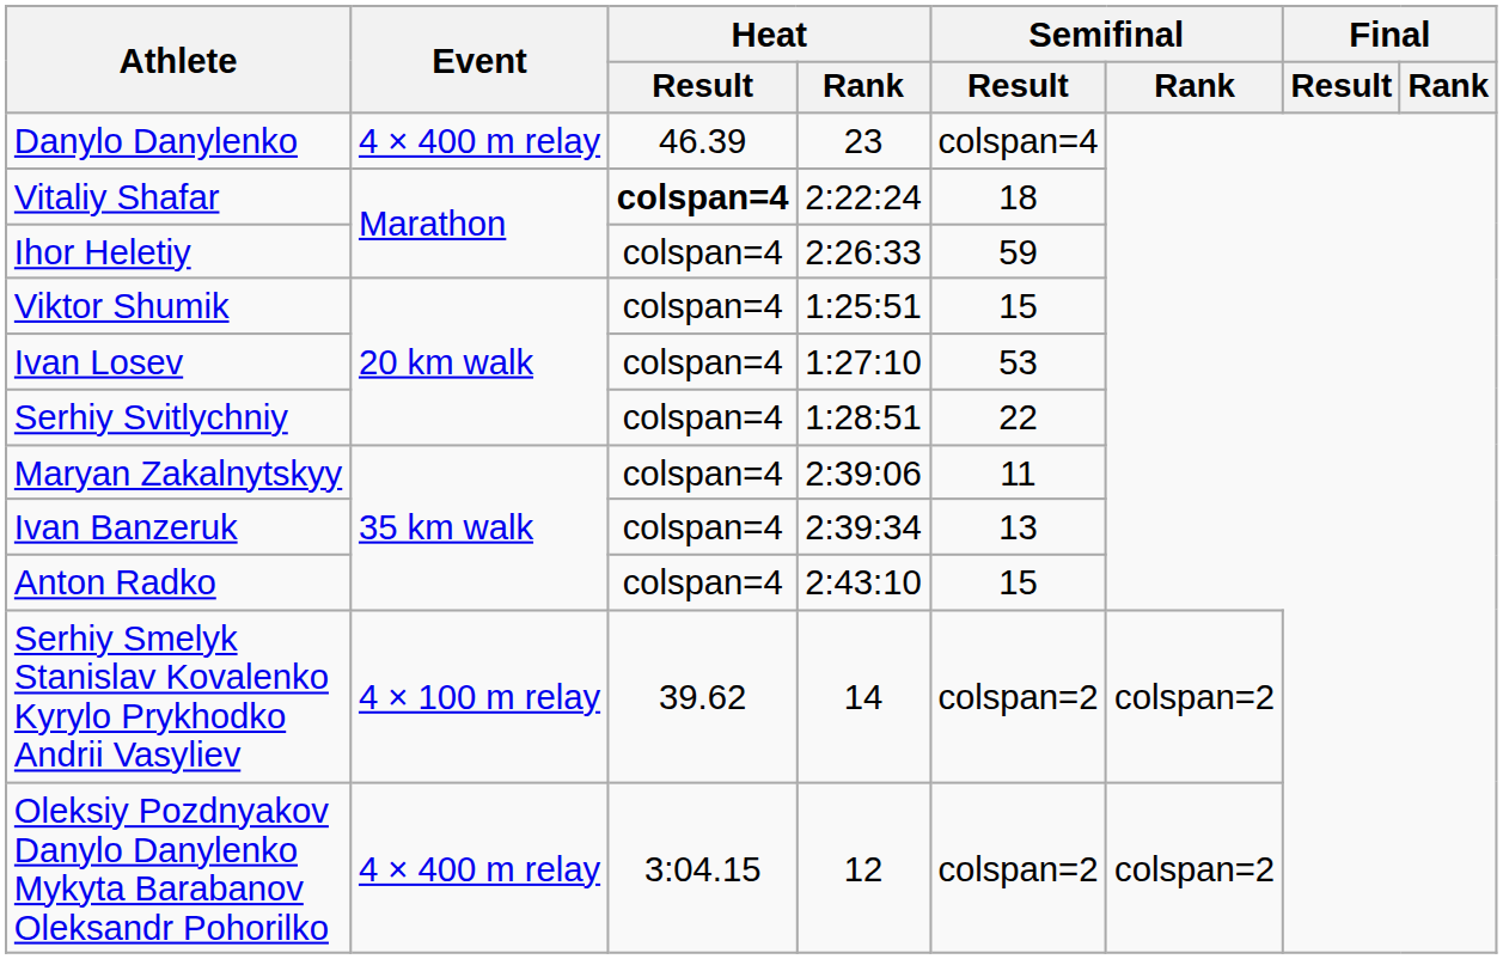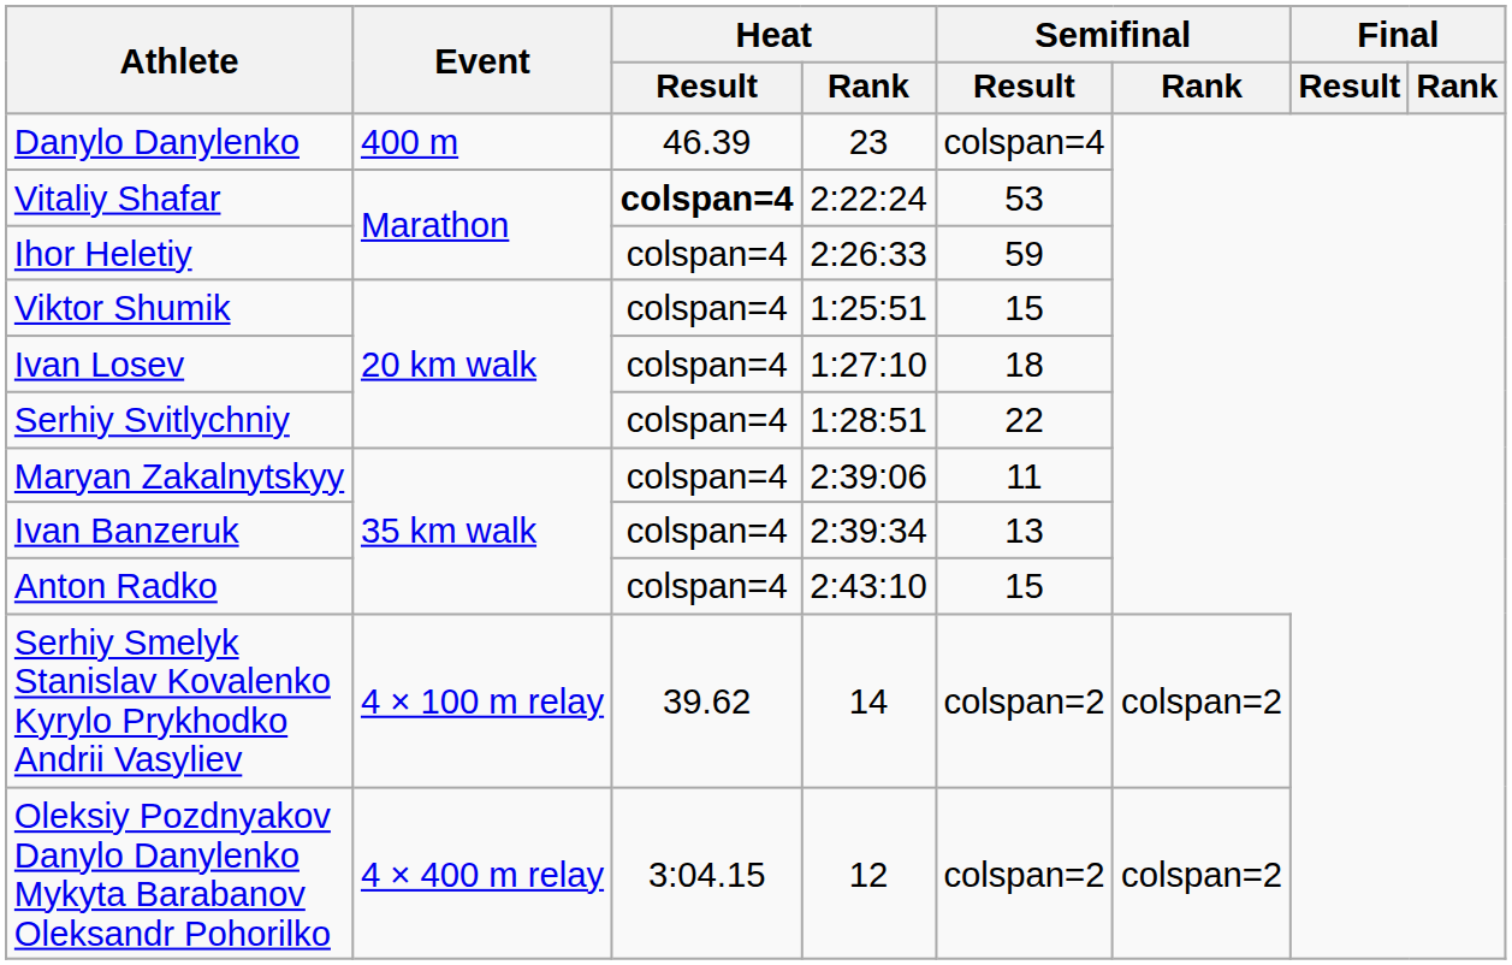 <table class="wikitable" style="font-size:90%">
 <tr>
 <th rowspan="2">Athlete</th>
 <th rowspan="2">Event</th>
 <th colspan="2">Heat</th>
 <th colspan="2">Semifinal</th>
 <th colspan="2">Final</th>
 </tr>
 <tr style="font-size:95%">
 <th>Result</th>
 <th>Rank</th>
 <th>Result</th>
 <th>Rank</th>
 <th>Result</th>
 <th>Rank</th>
 </tr>
 <tr align=center>
 <td align=left><a href='#'>Danylo Danylenko</a></td>
-<td align=left><a href='#'>4 × 400 m relay</a></td>
+<td align=left><a href='#'>400 m</a></td>
 <td>46.39 </td>
 <td>23</td>
 <td>colspan=4 </td>
 </tr>
 <tr align=center>
 <td align=left><a href='#'>Vitaliy Shafar</a></td>
 <td align=left rowspan=2><a href='#'>Marathon</a></td>
 <td><strong>colspan=4 </strong></td>
 <td>2:22:24</td>
-<td>18</td>
+<td>53</td>
 </tr>
 <tr align=center>
 <td align=left><a href='#'>Ihor Heletiy</a></td>
 <td>colspan=4 </td>
 <td>2:26:33 </td>
 <td>59</td>
 </tr>
 <tr align=center>
 <td align=left><a href='#'>Viktor Shumik</a></td>
 <td align=left rowspan=3><a href='#'>20 km walk</a></td>
 <td>colspan=4 </td>
 <td>1:25:51 </td>
 <td>15</td>
 </tr>
 <tr align=center>
 <td align=left><a href='#'>Ivan Losev</a></td>
 <td>colspan=4 </td>
 <td>1:27:10 </td>
-<td>53</td>
+<td>18</td>
 </tr>
 <tr align=center>
 <td align=left><a href='#'>Serhiy Svitlychniy</a></td>
 <td>colspan=4 </td>
 <td>1:28:51 </td>
 <td>22</td>
 </tr>
 <tr align=center>
 <td align=left><a href='#'>Maryan Zakalnytskyy</a></td>
 <td align=left rowspan=3><a href='#'>35 km walk</a></td>
 <td>colspan=4 </td>
 <td>2:39:06 </td>
 <td>11</td>
 </tr>
 <tr align=center>
 <td align=left><a href='#'>Ivan Banzeruk</a></td>
 <td>colspan=4 </td>
 <td>2:39:34 </td>
 <td>13</td>
 </tr>
 <tr align=center>
 <td align=left><a href='#'>Anton Radko</a></td>
 <td>colspan=4 </td>
 <td>2:43:10 </td>
 <td>15</td>
 </tr>
 <tr align=center>
 <td align=left><a href='#'>Serhiy Smelyk</a><br><a href='#'>Stanislav Kovalenko</a><br><a href='#'>Kyrylo Prykhodko</a><br> <a href='#'>Andrii Vasyliev</a></td>
 <td align=left><a href='#'>4 × 100 m relay</a></td>
 <td>39.62  </td>
 <td>14</td>
 <td>colspan=2 </td>
 <td>colspan=2 </td>
 </tr>
 <tr align=center>
 <td align=left><a href='#'>Oleksiy Pozdnyakov</a><br> <a href='#'>Danylo Danylenko</a><br><a href='#'>Mykyta Barabanov</a><br> <a href='#'>Oleksandr Pohorilko</a></td>
 <td align=left><a href='#'>4 × 400 m relay</a></td>
 <td>3:04.15  </td>
 <td>12</td>
 <td>colspan=2 </td>
 <td>colspan=2 </td>
 </tr>
 </table>
